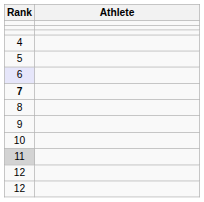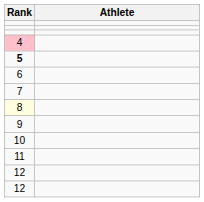 <table class="wikitable" style="text-align: center;">
 <tr>
 <th width=40>Rank</th>
 <th width=250>Athlete</th>
 </tr>
 <tr>
 <td></td>
 <td align="left"></td>
 </tr>
 <tr>
 <td></td>
 <td align="left"></td>
 </tr>
 <tr>
 <td></td>
 <td align="left"></td>
 </tr>
 <tr>
-<td>4</td>
+<td style="background: pink;">4</td>
 <td align="left"></td>
 </tr>
 <tr>
-<td>5</td>
+<td><strong>5</strong></td>
 <td align="left"></td>
 </tr>
 <tr>
-<td style="background: lavender;">6</td>
+<td>6</td>
 <td align="left"></td>
 </tr>
 <tr>
-<td><strong>7</strong></td>
+<td>7</td>
 <td align="left"></td>
 </tr>
 <tr>
-<td>8</td>
+<td style="background: lightyellow;">8</td>
 <td align="left"></td>
 </tr>
 <tr>
 <td>9</td>
 <td align="left"></td>
 </tr>
 <tr>
 <td>10</td>
 <td align="left"></td>
 </tr>
 <tr>
-<td style="background: lightgrey;">11</td>
+<td>11</td>
 <td align="left"></td>
 </tr>
 <tr>
 <td>12</td>
 <td align="left"></td>
 </tr>
 <tr>
 <td>12</td>
 <td align="left"></td>
 </tr>
 </table>
